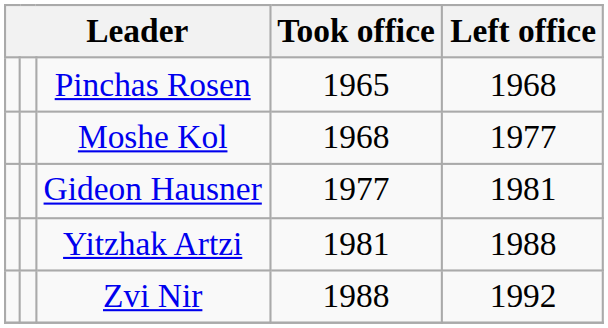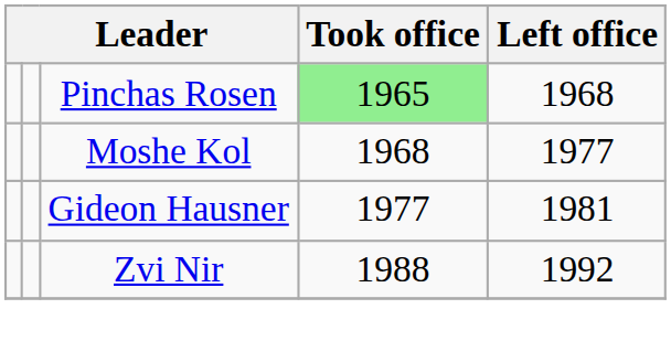 <table class="wikitable" style="text-align: center;">
 <tr>
 <th colspan="3">Leader</th>
 <th>Took office</th>
 <th>Left office</th>
 </tr>
 <tr>
 <td style="background: "></td>
 <td></td>
 <td><a href='#'>Pinchas Rosen</a></td>
-<td>1965</td>
+<td style="background: lightgreen;">1965</td>
 <td>1968</td>
 </tr>
 <tr>
 <td style="background: "></td>
 <td></td>
 <td><a href='#'>Moshe Kol</a></td>
 <td>1968</td>
 <td>1977</td>
 </tr>
 <tr>
 <td style="background: "></td>
 <td></td>
 <td><a href='#'>Gideon Hausner</a></td>
 <td>1977</td>
 <td>1981</td>
 </tr>
 <tr>
 <td style="background: "></td>
 <td></td>
-<td><a href='#'>Yitzhak Artzi</a></td>
-<td>1981</td>
-<td>1988</td>
-</tr>
-<tr>
-<td style="background: "></td>
-<td></td>
 <td><a href='#'>Zvi Nir</a></td>
 <td>1988</td>
 <td>1992</td>
 </tr>
 <tr>
 </tr>
 </table>
